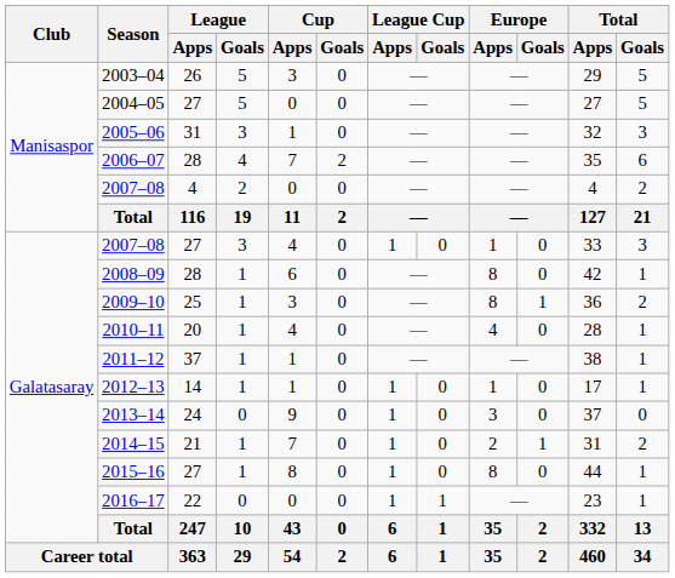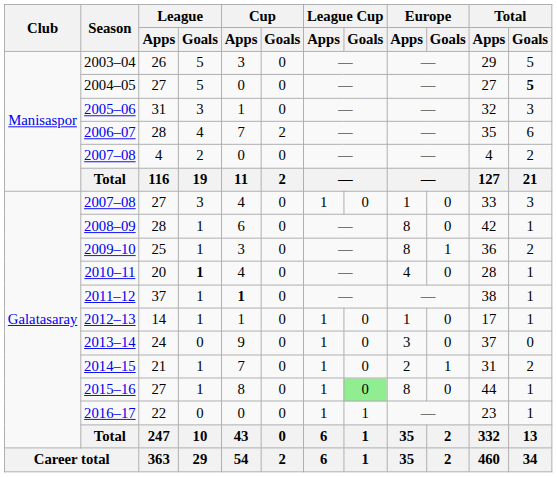 <table class="wikitable" style="text-align: center;">
 <tr>
 <th rowspan="2">Club</th>
 <th rowspan="2">Season</th>
 <th colspan="2">League</th>
 <th colspan="2">Cup</th>
 <th colspan="2">League Cup</th>
 <th colspan="2">Europe</th>
 <th colspan="2">Total</th>
 </tr>
 <tr>
 <th>Apps</th>
 <th>Goals</th>
 <th>Apps</th>
 <th>Goals</th>
 <th>Apps</th>
 <th>Goals</th>
 <th>Apps</th>
 <th>Goals</th>
 <th>Apps</th>
 <th>Goals</th>
 </tr>
 <tr>
 <td rowspan="6" valign="center"><a href='#'>Manisaspor</a></td>
 <td>2003–04</td>
 <td>26</td>
 <td>5</td>
 <td>3</td>
 <td>0</td>
 <td colspan="2">—</td>
 <td colspan="2">—</td>
 <td>29</td>
 <td>5</td>
 </tr>
 <tr>
 <td>2004–05</td>
 <td>27</td>
 <td>5</td>
 <td>0</td>
 <td>0</td>
 <td colspan="2">—</td>
 <td colspan="2">—</td>
 <td>27</td>
-<td>5</td>
+<td><strong>5</strong></td>
 </tr>
 <tr>
 <td><a href='#'>2005–06</a></td>
 <td>31</td>
 <td>3</td>
 <td>1</td>
 <td>0</td>
 <td colspan="2">—</td>
 <td colspan="2">—</td>
 <td>32</td>
 <td>3</td>
 </tr>
 <tr>
 <td><a href='#'>2006–07</a></td>
 <td>28</td>
 <td>4</td>
 <td>7</td>
 <td>2</td>
 <td colspan="2">—</td>
 <td colspan="2">—</td>
 <td>35</td>
 <td>6</td>
 </tr>
 <tr>
 <td><a href='#'>2007–08</a></td>
 <td>4</td>
 <td>2</td>
 <td>0</td>
 <td>0</td>
 <td colspan="2">—</td>
 <td colspan="2">—</td>
 <td>4</td>
 <td>2</td>
 </tr>
 <tr>
 <th>Total</th>
 <th>116</th>
 <th>19</th>
 <th>11</th>
 <th>2</th>
 <th colspan="2">—</th>
 <th colspan="2">—</th>
 <th>127</th>
 <th>21</th>
 </tr>
 <tr>
 <td rowspan="11" valign="center"><a href='#'>Galatasaray</a></td>
 <td><a href='#'>2007–08</a></td>
 <td>27</td>
 <td>3</td>
 <td>4</td>
 <td>0</td>
 <td>1</td>
 <td>0</td>
 <td>1</td>
 <td>0</td>
 <td>33</td>
 <td>3</td>
 </tr>
 <tr>
 <td><a href='#'>2008–09</a></td>
 <td>28</td>
 <td>1</td>
 <td>6</td>
 <td>0</td>
 <td colspan="2">—</td>
 <td>8</td>
 <td>0</td>
 <td>42</td>
 <td>1</td>
 </tr>
 <tr>
 <td><a href='#'>2009–10</a></td>
 <td>25</td>
 <td>1</td>
 <td>3</td>
 <td>0</td>
 <td colspan="2">—</td>
 <td>8</td>
 <td>1</td>
 <td>36</td>
 <td>2</td>
 </tr>
 <tr>
 <td><a href='#'>2010–11</a></td>
 <td>20</td>
-<td>1</td>
+<td><strong>1</strong></td>
 <td>4</td>
 <td>0</td>
 <td colspan="2">—</td>
 <td>4</td>
 <td>0</td>
 <td>28</td>
 <td>1</td>
 </tr>
 <tr>
 <td><a href='#'>2011–12</a></td>
 <td>37</td>
 <td>1</td>
-<td>1</td>
+<td><strong>1</strong></td>
 <td>0</td>
 <td colspan="2">—</td>
 <td colspan="2">—</td>
 <td>38</td>
 <td>1</td>
 </tr>
 <tr>
 <td><a href='#'>2012–13</a></td>
 <td>14</td>
 <td>1</td>
 <td>1</td>
 <td>0</td>
 <td>1</td>
 <td>0</td>
 <td>1</td>
 <td>0</td>
 <td>17</td>
 <td>1</td>
 </tr>
 <tr>
 <td><a href='#'>2013–14</a></td>
 <td>24</td>
 <td>0</td>
 <td>9</td>
 <td>0</td>
 <td>1</td>
 <td>0</td>
 <td>3</td>
 <td>0</td>
 <td>37</td>
 <td>0</td>
 </tr>
 <tr>
 <td><a href='#'>2014–15</a></td>
 <td>21</td>
 <td>1</td>
 <td>7</td>
 <td>0</td>
 <td>1</td>
 <td>0</td>
 <td>2</td>
 <td>1</td>
 <td>31</td>
 <td>2</td>
 </tr>
 <tr>
 <td><a href='#'>2015–16</a></td>
 <td>27</td>
 <td>1</td>
 <td>8</td>
 <td>0</td>
 <td>1</td>
-<td>0</td>
+<td style="background: lightgreen;">0</td>
 <td>8</td>
 <td>0</td>
 <td>44</td>
 <td>1</td>
 </tr>
 <tr>
 <td><a href='#'>2016–17</a></td>
 <td>22</td>
 <td>0</td>
 <td>0</td>
 <td>0</td>
 <td>1</td>
 <td>1</td>
 <td colspan="2">—</td>
 <td>23</td>
 <td>1</td>
 </tr>
 <tr>
 <th>Total</th>
 <th>247</th>
 <th>10</th>
 <th>43</th>
 <th>0</th>
 <th>6</th>
 <th>1</th>
 <th>35</th>
 <th>2</th>
 <th>332</th>
 <th>13</th>
 </tr>
 <tr>
 <th colspan="2">Career total</th>
 <th>363</th>
 <th>29</th>
 <th>54</th>
 <th>2</th>
 <th>6</th>
 <th>1</th>
 <th>35</th>
 <th>2</th>
 <th>460</th>
 <th>34</th>
 </tr>
 </table>
